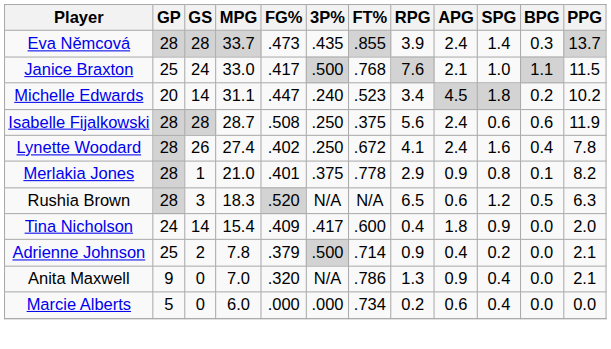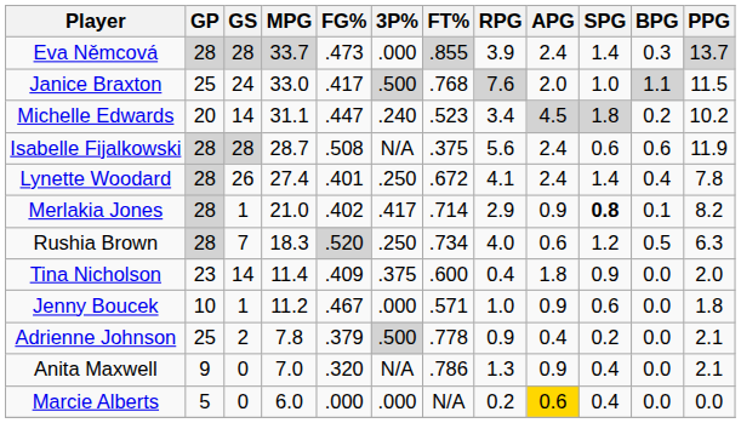 <table class="wikitable sortable" style="text-align:center;">
 <tr>
 <th>Player</th>
 <th>GP</th>
 <th>GS</th>
 <th>MPG</th>
 <th>FG%</th>
 <th>3P%</th>
 <th>FT%</th>
 <th>RPG</th>
 <th>APG</th>
 <th>SPG</th>
 <th>BPG</th>
 <th>PPG</th>
 </tr>
 <tr>
 <td><a href='#'>Eva Němcová</a></td>
 <td style="background:#D3D3D3;">28</td>
 <td style="background:#D3D3D3;">28</td>
 <td style="background:#D3D3D3;">33.7</td>
 <td>.473</td>
-<td>.435</td>
+<td>.000</td>
 <td style="background:#D3D3D3;">.855</td>
 <td>3.9</td>
 <td>2.4</td>
 <td>1.4</td>
 <td>0.3</td>
 <td style="background:#D3D3D3;">13.7</td>
 </tr>
 <tr>
 <td><a href='#'>Janice Braxton</a></td>
 <td>25</td>
 <td>24</td>
 <td>33.0</td>
 <td>.417</td>
 <td style="background:#D3D3D3;">.500</td>
 <td>.768</td>
 <td style="background:#D3D3D3;">7.6</td>
-<td>2.1</td>
+<td>2.0</td>
 <td>1.0</td>
 <td style="background:#D3D3D3;">1.1</td>
 <td>11.5</td>
 </tr>
 <tr>
 <td><a href='#'>Michelle Edwards</a></td>
 <td>20</td>
 <td>14</td>
 <td>31.1</td>
 <td>.447</td>
 <td>.240</td>
 <td>.523</td>
 <td>3.4</td>
 <td style="background:#D3D3D3;">4.5</td>
 <td style="background:#D3D3D3;">1.8</td>
 <td>0.2</td>
 <td>10.2</td>
 </tr>
 <tr>
 <td><a href='#'>Isabelle Fijalkowski</a></td>
 <td style="background:#D3D3D3;">28</td>
 <td style="background:#D3D3D3;">28</td>
 <td>28.7</td>
 <td>.508</td>
-<td>.250</td>
+<td>N/A</td>
 <td>.375</td>
 <td>5.6</td>
 <td>2.4</td>
 <td>0.6</td>
 <td>0.6</td>
 <td>11.9</td>
 </tr>
 <tr>
 <td><a href='#'>Lynette Woodard</a></td>
 <td style="background:#D3D3D3;">28</td>
 <td>26</td>
 <td>27.4</td>
-<td>.402</td>
+<td>.401</td>
 <td>.250</td>
 <td>.672</td>
 <td>4.1</td>
 <td>2.4</td>
-<td>1.6</td>
+<td>1.4</td>
 <td>0.4</td>
 <td>7.8</td>
 </tr>
 <tr>
 <td><a href='#'>Merlakia Jones</a></td>
 <td style="background:#D3D3D3;">28</td>
 <td>1</td>
 <td>21.0</td>
-<td>.401</td>
-<td>.375</td>
-<td>.778</td>
+<td>.402</td>
+<td>.417</td>
+<td>.714</td>
 <td>2.9</td>
 <td>0.9</td>
-<td>0.8</td>
+<td><strong>0.8</strong></td>
 <td>0.1</td>
 <td>8.2</td>
 </tr>
 <tr>
 <td>Rushia Brown</td>
 <td style="background:#D3D3D3;">28</td>
-<td>3</td>
+<td>7</td>
 <td>18.3</td>
 <td style="background:#D3D3D3;">.520</td>
-<td>N/A</td>
-<td>N/A</td>
-<td>6.5</td>
+<td>.250</td>
+<td>.734</td>
+<td>4.0</td>
 <td>0.6</td>
 <td>1.2</td>
 <td>0.5</td>
 <td>6.3</td>
 </tr>
 <tr>
 <td><a href='#'>Tina Nicholson</a></td>
-<td>24</td>
+<td>23</td>
 <td>14</td>
-<td>15.4</td>
+<td>11.4</td>
 <td>.409</td>
-<td>.417</td>
+<td>.375</td>
 <td>.600</td>
 <td>0.4</td>
 <td>1.8</td>
 <td>0.9</td>
 <td>0.0</td>
 <td>2.0</td>
 </tr>
 <tr>
+<td><a href='#'>Jenny Boucek</a></td>
+<td>10</td>
+<td>1</td>
+<td>11.2</td>
+<td>.467</td>
+<td>.000</td>
+<td>.571</td>
+<td>1.0</td>
+<td>0.9</td>
+<td>0.6</td>
+<td>0.0</td>
+<td>1.8</td>
+</tr>
+<tr>
 <td><a href='#'>Adrienne Johnson</a></td>
 <td>25</td>
 <td>2</td>
 <td>7.8</td>
 <td>.379</td>
 <td style="background:#D3D3D3;">.500</td>
-<td>.714</td>
+<td>.778</td>
 <td>0.9</td>
 <td>0.4</td>
 <td>0.2</td>
 <td>0.0</td>
 <td>2.1</td>
 </tr>
 <tr>
 <td>Anita Maxwell</td>
 <td>9</td>
 <td>0</td>
 <td>7.0</td>
 <td>.320</td>
 <td>N/A</td>
 <td>.786</td>
 <td>1.3</td>
 <td>0.9</td>
 <td>0.4</td>
 <td>0.0</td>
 <td>2.1</td>
 </tr>
 <tr>
 <td><a href='#'>Marcie Alberts</a></td>
 <td>5</td>
 <td>0</td>
 <td>6.0</td>
 <td>.000</td>
 <td>.000</td>
-<td>.734</td>
+<td>N/A</td>
 <td>0.2</td>
-<td>0.6</td>
+<td style="background: gold;">0.6</td>
 <td>0.4</td>
 <td>0.0</td>
 <td>0.0</td>
 </tr>
 <tr>
 </tr>
 </table>
